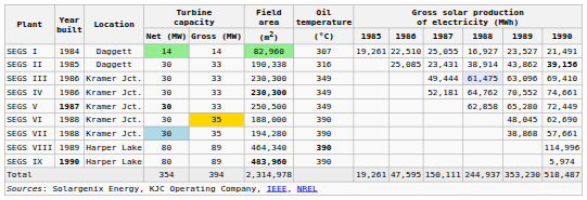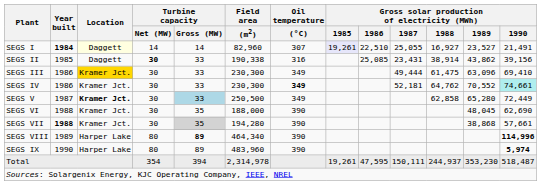 <table class="wikitable" style="text-align: center;">
 <tr bgcolor="#ececec">
 <th rowspan=2>Plant</th>
 <th rowspan=2>Year <br>built</th>
 <th rowspan=2>Location</th>
 <th colspan="2">Turbine <br>capacity</th>
 <th>Field <br>area</th>
 <th>Oil <br>temperature</th>
 <th colspan="6">Gross solar production <br>of electricity (MWh)</th>
 </tr>
 <tr bgcolor="#ececec">
 <th>Net (MW)</th>
 <th>Gross (MW)</th>
 <th>(m<sup>2</sup>)</th>
 <th>(°C)</th>
 <th>1985</th>
 <th>1986</th>
 <th>1987</th>
 <th>1988</th>
 <th>1989</th>
 <th>1990</th>
 </tr>
 <tr>
 <td align="left">SEGS I</td>
-<td>1984</td>
-<td>Daggett</td>
-<td style="background: lightgreen;">14</td>
+<td><strong>1984</strong></td>
+<td style="background: lightyellow;">Daggett</td>
 <td>14</td>
-<td style="background: lightgreen;">82,960</td>
+<td>14</td>
+<td>82,960</td>
 <td>307</td>
-<td>19,261</td>
+<td style="background: lavender;">19,261</td>
 <td>22,510</td>
 <td>25,055</td>
 <td>16,927</td>
 <td>23,527</td>
 <td>21,491</td>
 </tr>
 <tr>
 <td align="left">SEGS II</td>
 <td>1985</td>
 <td>Daggett</td>
-<td>30</td>
+<td><strong>30</strong></td>
 <td>33</td>
 <td>190,338</td>
 <td>316</td>
 <td></td>
 <td>25,085</td>
 <td>23,431</td>
 <td>38,914</td>
 <td>43,862</td>
-<td><strong>39,156</strong></td>
+<td>39,156</td>
 </tr>
 <tr>
 <td align="left">SEGS III</td>
 <td>1986</td>
-<td>Kramer Jct.</td>
+<td style="background: gold;">Kramer Jct.</td>
 <td>30</td>
 <td>33</td>
 <td>230,300</td>
 <td>349</td>
 <td></td>
 <td></td>
 <td>49,444</td>
-<td style="background: lavender;">61,475</td>
+<td>61,475</td>
 <td>63,096</td>
 <td>69,410</td>
 </tr>
 <tr>
 <td align="left">SEGS IV</td>
 <td>1986</td>
 <td>Kramer Jct.</td>
 <td>30</td>
 <td>33</td>
-<td><strong>230,300</strong></td>
-<td>349</td>
+<td>230,300</td>
+<td><strong>349</strong></td>
 <td></td>
 <td></td>
 <td>52,181</td>
 <td>64,762</td>
 <td>70,552</td>
-<td>74,661</td>
+<td style="background: paleturquoise;">74,661</td>
 </tr>
 <tr>
 <td align="left">SEGS V</td>
-<td><strong>1987</strong></td>
-<td>Kramer Jct.</td>
-<td><strong>30</strong></td>
-<td>33</td>
+<td>1987</td>
+<td><strong>Kramer Jct.</strong></td>
+<td>30</td>
+<td style="background: lightblue;">33</td>
 <td>250,500</td>
 <td>349</td>
 <td></td>
 <td></td>
 <td></td>
 <td>62,858</td>
 <td>65,280</td>
 <td>72,449</td>
 </tr>
 <tr>
 <td align="left">SEGS VI</td>
 <td>1988</td>
 <td>Kramer Jct.</td>
 <td>30</td>
-<td style="background: gold;">35</td>
+<td>35</td>
 <td>188,000</td>
 <td>390</td>
 <td></td>
 <td></td>
 <td></td>
 <td></td>
 <td>48,045</td>
 <td>62,690</td>
 </tr>
 <tr>
 <td align="left">SEGS VII</td>
-<td>1988</td>
+<td><strong>1988</strong></td>
 <td>Kramer Jct.</td>
-<td style="background: lightblue;">30</td>
-<td>35</td>
+<td>30</td>
+<td style="background: lightgrey;">35</td>
 <td>194,280</td>
 <td>390</td>
 <td></td>
 <td></td>
 <td></td>
 <td></td>
 <td>38,868</td>
 <td>57,661</td>
 </tr>
 <tr>
 <td align="left">SEGS VIII</td>
 <td>1989</td>
 <td>Harper Lake</td>
 <td>80</td>
-<td>89</td>
+<td><strong>89</strong></td>
 <td>464,340</td>
-<td><strong>390</strong></td>
-<td></td>
-<td></td>
-<td></td>
-<td></td>
-<td></td>
-<td>114,996</td>
-</tr>
-<tr>
-<td align="left">SEGS IX</td>
-<td><strong>1990</strong></td>
-<td>Harper Lake</td>
-<td>80</td>
-<td>89</td>
-<td><strong>483,960</strong></td>
 <td>390</td>
 <td></td>
 <td></td>
 <td></td>
 <td></td>
 <td></td>
-<td>5,974</td>
+<td><strong>114,996</strong></td>
+</tr>
+<tr>
+<td align="left">SEGS IX</td>
+<td>1990</td>
+<td>Harper Lake</td>
+<td>80</td>
+<td>89</td>
+<td>483,960</td>
+<td>390</td>
+<td></td>
+<td></td>
+<td></td>
+<td></td>
+<td></td>
+<td><strong>5,974</strong></td>
 </tr>
 <tr bgcolor="#ececec">
 <td colspan="3" align="left">Total</td>
 <td>354</td>
 <td>394</td>
 <td>2,314,978</td>
 <td></td>
 <td>19,261</td>
 <td>47,595</td>
 <td>150,111</td>
 <td>244,937</td>
 <td>353,230</td>
 <td>518,487</td>
 </tr>
 <tr>
 <td colspan="13" align="left"><em>Sources</em>: Solargenix Energy, KJC Operating Company, <a href='#'>IEEE</a>, <a href='#'>NREL</a></td>
 </tr>
 </table>
